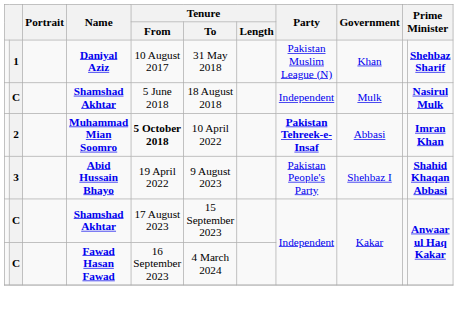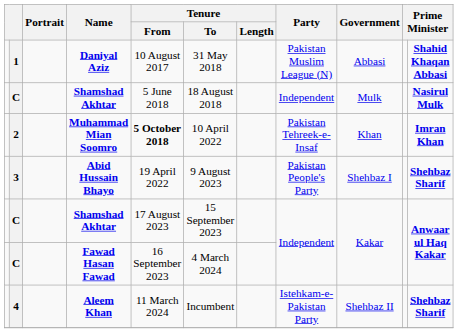 <table class="wikitable" style="text-align:center">
 <tr>
 <th colspan="2" rowspan="2"></th>
 <th rowspan="2">Portrait</th>
 <th rowspan="2" style="width:15em">Name<br></th>
 <th colspan="3">Tenure</th>
 <th rowspan="2" style="width:9em">Party</th>
 <th rowspan="2" style="width:8em">Government</th>
 <th rowspan="2" colspan="2" style="width:10em">Prime Minister</th>
 </tr>
 <tr>
 <th style="width:8em">From</th>
 <th style="width:8em">To</th>
 <th style="width:6em">Length</th>
 </tr>
 <tr>
 <td></td>
 <th>1</th>
 <td></td>
 <td><strong><a href='#'>Daniyal Aziz</a></strong><br></td>
 <td>10 August<br>2017</td>
 <td>31 May<br>2018</td>
 <td><strong></strong></td>
 <td><a href='#'>Pakistan Muslim League (N)</a></td>
-<td><a href='#'>Khan</a></td>
+<td><a href='#'>Abbasi</a></td>
 <td></td>
-<td><strong><a href='#'>Shehbaz Sharif</a></strong></td>
+<td><strong><a href='#'>Shahid Khaqan Abbasi</a></strong></td>
 </tr>
 <tr>
 <td></td>
 <th>C</th>
 <td></td>
 <td><strong><a href='#'>Shamshad Akhtar</a></strong><br></td>
 <td>5 June<br>2018</td>
 <td>18 August<br>2018</td>
 <td><strong></strong></td>
 <td><a href='#'>Independent</a></td>
 <td><a href='#'>Mulk</a><br></td>
 <td></td>
 <td><strong><a href='#'>Nasirul Mulk</a></strong></td>
 </tr>
 <tr>
 <td></td>
 <th>2</th>
 <td></td>
 <td><strong><a href='#'>Muhammad Mian Soomro</a></strong><br></td>
 <td><strong>5 October<br>2018</strong></td>
 <td>10 April<br>2022</td>
 <td><strong></strong></td>
-<td><strong><a href='#'>Pakistan Tehreek-e-Insaf</a></strong></td>
-<td><a href='#'>Abbasi</a></td>
+<td><a href='#'>Pakistan Tehreek-e-Insaf</a></td>
+<td><a href='#'>Khan</a></td>
 <td></td>
 <td><strong><a href='#'>Imran Khan</a></strong></td>
 </tr>
 <tr>
 <td></td>
 <th>3</th>
 <td></td>
 <td><strong><a href='#'>Abid Hussain Bhayo</a></strong><br></td>
 <td>19 April<br>2022</td>
 <td>9 August<br>2023</td>
 <td><strong></strong></td>
 <td><a href='#'>Pakistan People's Party</a></td>
 <td><a href='#'>Shehbaz I</a></td>
 <td></td>
-<td><strong><a href='#'>Shahid Khaqan Abbasi</a></strong></td>
+<td><strong><a href='#'>Shehbaz Sharif</a></strong></td>
 </tr>
 <tr>
 <td></td>
 <th>C</th>
 <td></td>
 <td><strong><a href='#'>Shamshad Akhtar</a></strong><br></td>
 <td>17 August<br>2023</td>
 <td>15 September<br>2023</td>
 <td><strong></strong></td>
 <td rowspan="2"><a href='#'>Independent</a></td>
 <td rowspan="2"><a href='#'>Kakar</a><br></td>
 <td rowspan="2"></td>
 <td rowspan="2"><strong><a href='#'>Anwaar ul Haq Kakar</a></strong></td>
 </tr>
 <tr>
 <td></td>
 <th>C</th>
 <td></td>
 <td><strong><a href='#'>Fawad Hasan Fawad</a></strong></td>
 <td>16 September<br>2023</td>
 <td>4 March<br>2024</td>
 <td><strong></strong></td>
 </tr>
 <tr>
+<td></td>
+<th>4</th>
+<td></td>
+<td><strong><a href='#'>Aleem Khan</a></strong><br></td>
+<td>11 March<br>2024</td>
+<td>Incumbent</td>
+<td><strong></strong></td>
+<td><a href='#'>Istehkam-e-Pakistan Party</a></td>
+<td><a href='#'>Shehbaz II</a></td>
+<td></td>
+<td><strong><a href='#'>Shehbaz Sharif</a></strong></td>
+</tr>
+<tr>
 </tr>
 </table>
